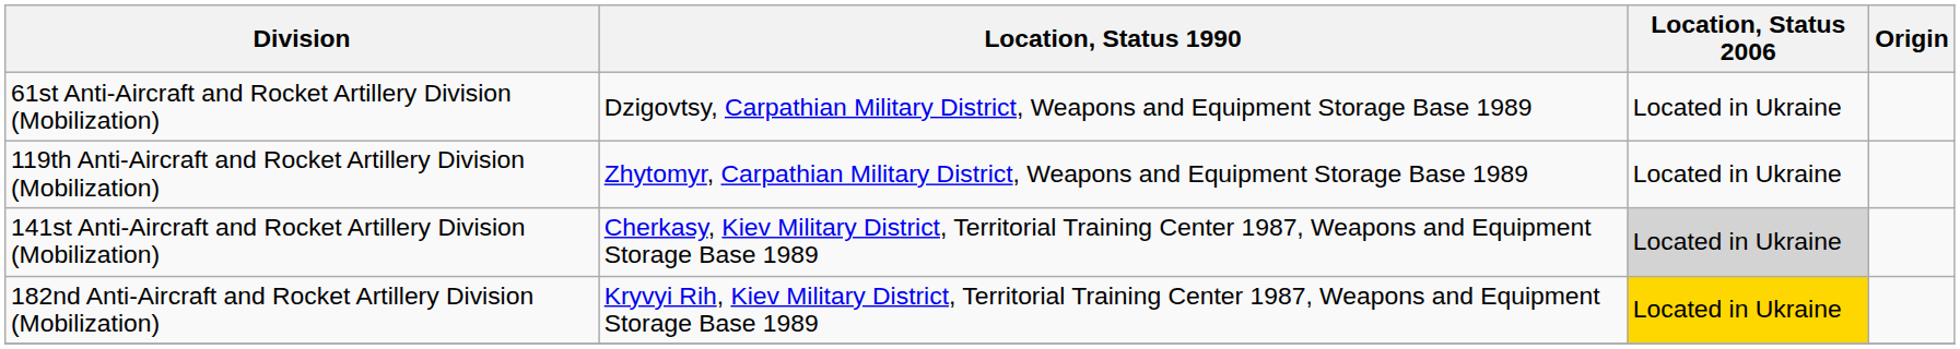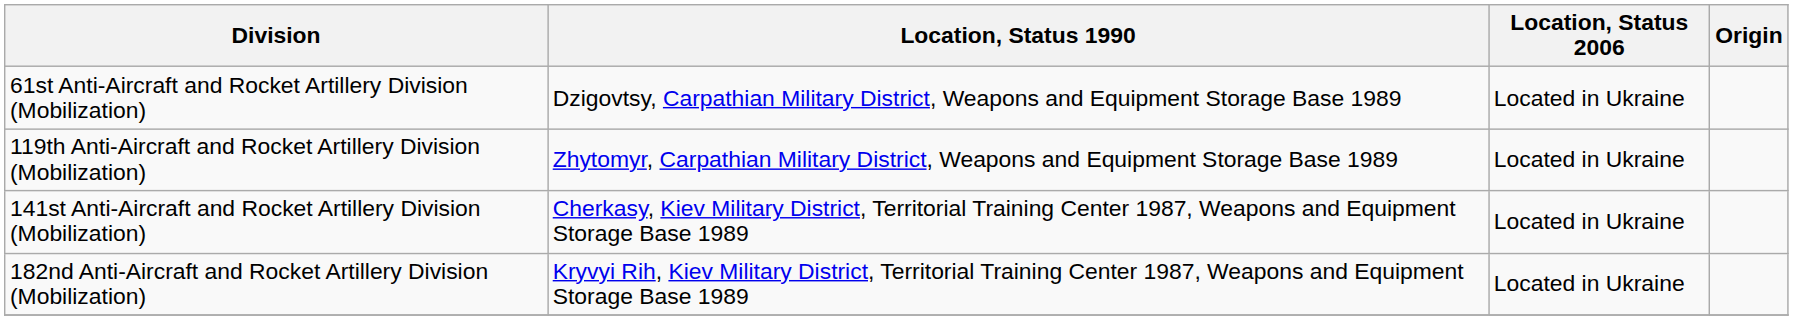 <table class="wikitable">
 <tr>
 <th>Division</th>
 <th>Location, Status 1990</th>
 <th>Location, Status 2006</th>
 <th>Origin</th>
 </tr>
 <tr>
 <td>61st Anti-Aircraft and Rocket Artillery Division (Mobilization)</td>
 <td>Dzigovtsy, <a href='#'>Carpathian Military District</a>, Weapons and Equipment Storage Base 1989</td>
 <td>Located in Ukraine</td>
 <td></td>
 </tr>
 <tr>
 <td>119th Anti-Aircraft and Rocket Artillery Division (Mobilization)</td>
 <td><a href='#'>Zhytomyr</a>, <a href='#'>Carpathian Military District</a>, Weapons and Equipment Storage Base 1989</td>
 <td>Located in Ukraine</td>
 <td></td>
 </tr>
 <tr>
 <td>141st Anti-Aircraft and Rocket Artillery Division (Mobilization)</td>
 <td><a href='#'>Cherkasy</a>, <a href='#'>Kiev Military District</a>, Territorial Training Center 1987, Weapons and Equipment Storage Base 1989</td>
-<td style="background: lightgrey;">Located in Ukraine</td>
+<td>Located in Ukraine</td>
 <td></td>
 </tr>
 <tr>
 <td>182nd Anti-Aircraft and Rocket Artillery Division (Mobilization)</td>
 <td><a href='#'>Kryvyi Rih</a>, <a href='#'>Kiev Military District</a>, Territorial Training Center 1987, Weapons and Equipment Storage Base 1989</td>
-<td style="background: gold;">Located in Ukraine</td>
+<td>Located in Ukraine</td>
 <td></td>
 </tr>
 <tr>
 </tr>
 </table>
